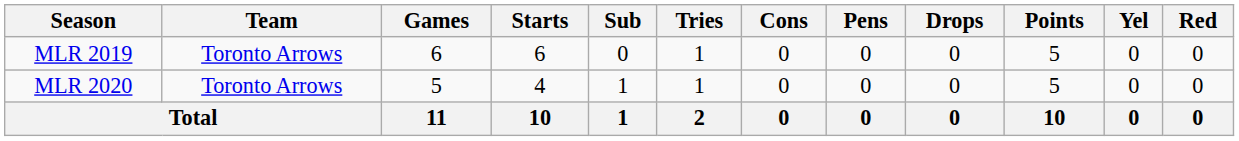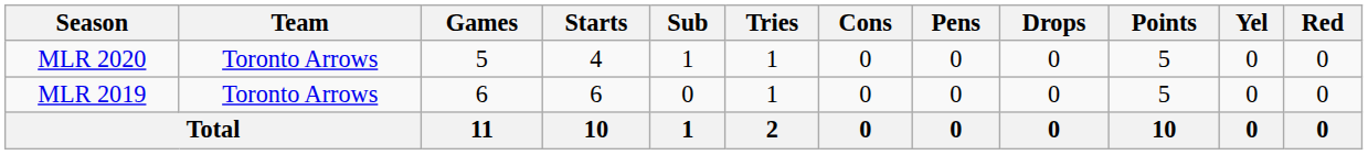 <table class="wikitable" style="text-align:center; line-height:100%; font-size:100%; width:70%;">
 <tr>
 <th>Season</th>
 <th>Team</th>
 <th>Games</th>
 <th>Starts</th>
 <th>Sub</th>
 <th>Tries</th>
 <th>Cons</th>
 <th>Pens</th>
 <th>Drops</th>
 <th>Points</th>
 <th>Yel</th>
 <th>Red</th>
 </tr>
 <tr>
-<td><a href='#'>MLR 2019</a></td>
+<td><a href='#'>MLR 2020</a></td>
 <td><a href='#'>Toronto Arrows</a></td>
-<td>6</td>
-<td>6</td>
-<td>0</td>
+<td>5</td>
+<td>4</td>
+<td>1</td>
 <td>1</td>
 <td>0</td>
 <td>0</td>
 <td>0</td>
 <td>5</td>
 <td>0</td>
 <td>0</td>
 </tr>
 <tr>
-<td><a href='#'>MLR 2020</a></td>
+<td><a href='#'>MLR 2019</a></td>
 <td><a href='#'>Toronto Arrows</a></td>
-<td>5</td>
-<td>4</td>
-<td>1</td>
+<td>6</td>
+<td>6</td>
+<td>0</td>
 <td>1</td>
 <td>0</td>
 <td>0</td>
 <td>0</td>
 <td>5</td>
 <td>0</td>
 <td>0</td>
 </tr>
 <tr>
 <th colspan="2">Total</th>
 <th>11</th>
 <th>10</th>
 <th>1</th>
 <th>2</th>
 <th>0</th>
 <th>0</th>
 <th>0</th>
 <th>10</th>
 <th>0</th>
 <th>0</th>
 </tr>
 </table>
